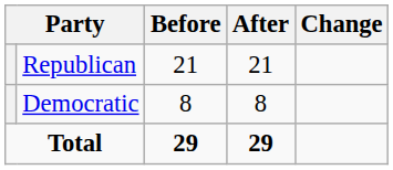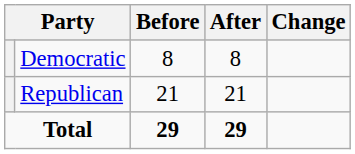 <table class="wikitable" style="text-align:center;">
 <tr>
 <th colspan="2">Party</th>
 <th>Before</th>
 <th>After</th>
 <th>Change</th>
 </tr>
 <tr>
 <th style="background-color:"></th>
-<td style="text-align:left;"><a href='#'>Republican</a></td>
-<td>21</td>
-<td>21</td>
+<td style="text-align:left;"><a href='#'>Democratic</a></td>
+<td>8</td>
+<td>8</td>
 <td></td>
 </tr>
 <tr>
 <th style="background-color:"></th>
-<td style="text-align:left;"><a href='#'>Democratic</a></td>
-<td>8</td>
-<td>8</td>
+<td style="text-align:left;"><a href='#'>Republican</a></td>
+<td>21</td>
+<td>21</td>
 <td></td>
 </tr>
 <tr>
 <td colspan="2"><strong>Total</strong></td>
 <td><strong>29</strong></td>
 <td><strong>29</strong></td>
 <td></td>
 </tr>
 </table>
